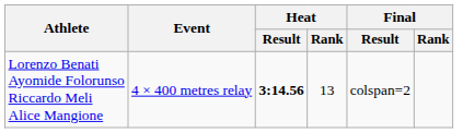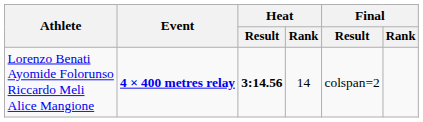 <table class="wikitable" style="font-size:90%">
 <tr>
 <th rowspan="2">Athlete</th>
 <th rowspan="2">Event</th>
 <th colspan="2">Heat</th>
 <th colspan="2">Final</th>
 </tr>
 <tr style="font-size:95%">
 <th>Result</th>
 <th>Rank</th>
 <th>Result</th>
 <th>Rank</th>
 </tr>
 <tr align=center>
 <td align=left><a href='#'>Lorenzo Benati</a><br><a href='#'>Ayomide Folorunso</a><br><a href='#'>Riccardo Meli</a><br><a href='#'>Alice Mangione</a></td>
-<td align=left><a href='#'>4 × 400 metres relay</a></td>
+<td align=left><strong><a href='#'>4 × 400 metres relay</a></strong></td>
 <td><strong>3:14.56</strong></td>
-<td>13</td>
+<td>14</td>
 <td>colspan=2 </td>
 </tr>
 </table>
